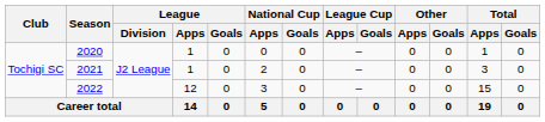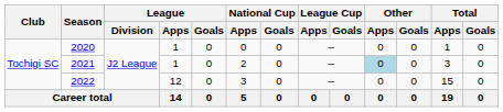 <table class="wikitable" style="text-align: center">
 <tr>
 <th rowspan="2">Club</th>
 <th rowspan="2">Season</th>
 <th colspan="3">League</th>
 <th colspan="2">National Cup</th>
 <th colspan="2">League Cup</th>
 <th colspan="2">Other</th>
 <th colspan="2">Total</th>
 </tr>
 <tr>
 <th>Division</th>
 <th>Apps</th>
 <th>Goals</th>
 <th>Apps</th>
 <th>Goals</th>
 <th>Apps</th>
 <th>Goals</th>
 <th>Apps</th>
 <th>Goals</th>
 <th>Apps</th>
 <th>Goals</th>
 </tr>
 <tr>
 <td rowspan="3"><a href='#'>Tochigi SC</a></td>
 <td><a href='#'>2020</a></td>
 <td rowspan="3"><a href='#'>J2 League</a></td>
 <td>1</td>
 <td>0</td>
 <td>0</td>
 <td>0</td>
 <td colspan="2">–</td>
 <td>0</td>
 <td>0</td>
 <td>1</td>
 <td>0</td>
 </tr>
 <tr>
 <td><a href='#'>2021</a></td>
 <td>1</td>
 <td>0</td>
 <td>2</td>
 <td>0</td>
 <td colspan="2">–</td>
-<td>0</td>
+<td style="background: lightblue;">0</td>
 <td>0</td>
 <td>3</td>
 <td>0</td>
 </tr>
 <tr>
 <td><a href='#'>2022</a></td>
 <td>12</td>
 <td>0</td>
 <td>3</td>
 <td>0</td>
 <td colspan="2">–</td>
 <td>0</td>
 <td>0</td>
 <td>15</td>
 <td>0</td>
 </tr>
 <tr>
 <th colspan="3">Career total</th>
 <th>14</th>
 <th>0</th>
 <th>5</th>
 <th>0</th>
 <th>0</th>
 <th>0</th>
 <th>0</th>
 <th>0</th>
 <th>19</th>
 <th>0</th>
 </tr>
 </table>
